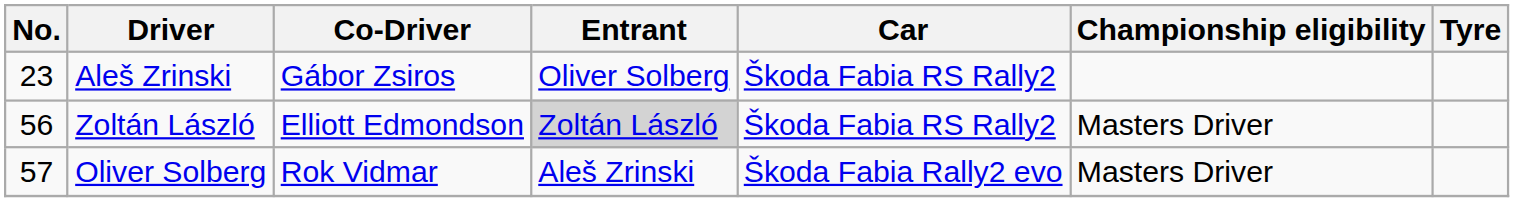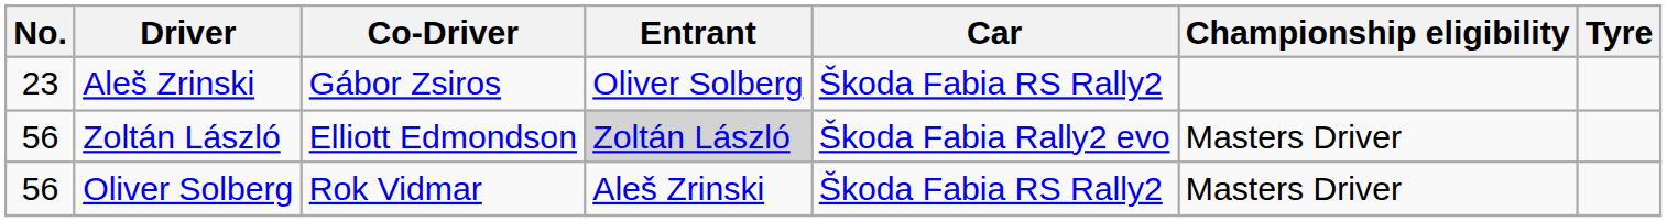 <table class="wikitable" style="font-size: 85%;">
 <tr>
 <th>No.</th>
 <th>Driver</th>
 <th>Co-Driver</th>
 <th>Entrant</th>
 <th>Car</th>
 <th>Championship eligibility</th>
 <th>Tyre</th>
 </tr>
 <tr>
 <td align="center">23</td>
 <td> <a href='#'>Aleš Zrinski</a></td>
 <td> <a href='#'>Gábor Zsiros</a></td>
 <td> <a href='#'>Oliver Solberg</a></td>
 <td><a href='#'>Škoda Fabia RS Rally2</a></td>
 <td></td>
 <td align="center"></td>
 </tr>
 <tr>
 <td align="center">56</td>
 <td> <a href='#'>Zoltán László</a></td>
 <td> <a href='#'>Elliott Edmondson</a></td>
 <td style="background: lightgrey;"> <a href='#'>Zoltán László</a></td>
-<td><a href='#'>Škoda Fabia RS Rally2</a></td>
+<td><a href='#'>Škoda Fabia Rally2 evo</a></td>
 <td>Masters Driver</td>
 <td align="center"></td>
 </tr>
 <tr>
-<td align="center">57</td>
+<td align="center">56</td>
 <td> <a href='#'>Oliver Solberg</a></td>
 <td> <a href='#'>Rok Vidmar</a></td>
 <td> <a href='#'>Aleš Zrinski</a></td>
-<td><a href='#'>Škoda Fabia Rally2 evo</a></td>
+<td><a href='#'>Škoda Fabia RS Rally2</a></td>
 <td>Masters Driver</td>
 <td align="center"></td>
 </tr>
 <tr>
 </tr>
 </table>
